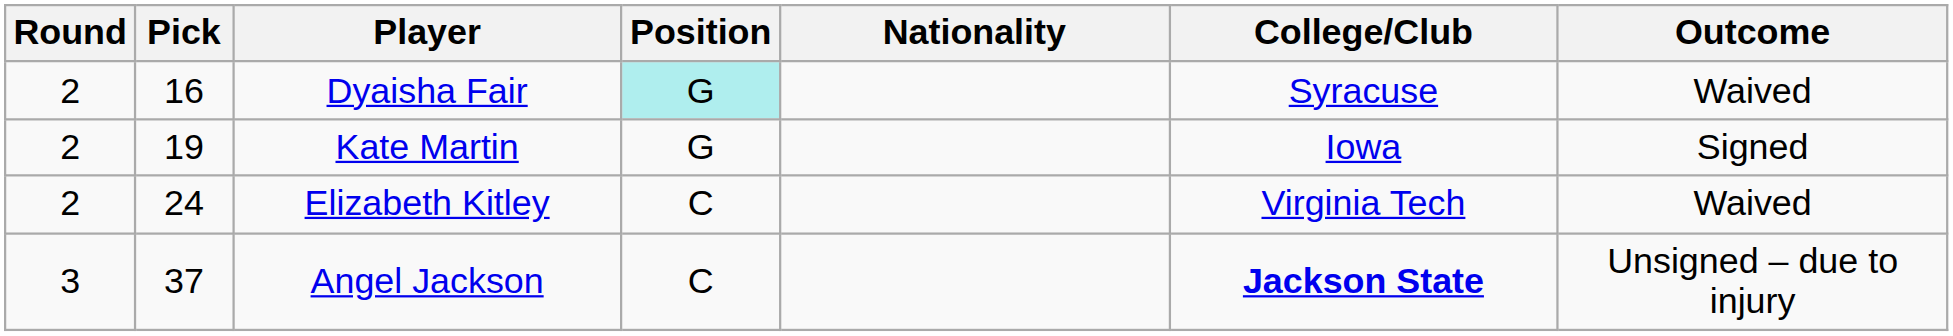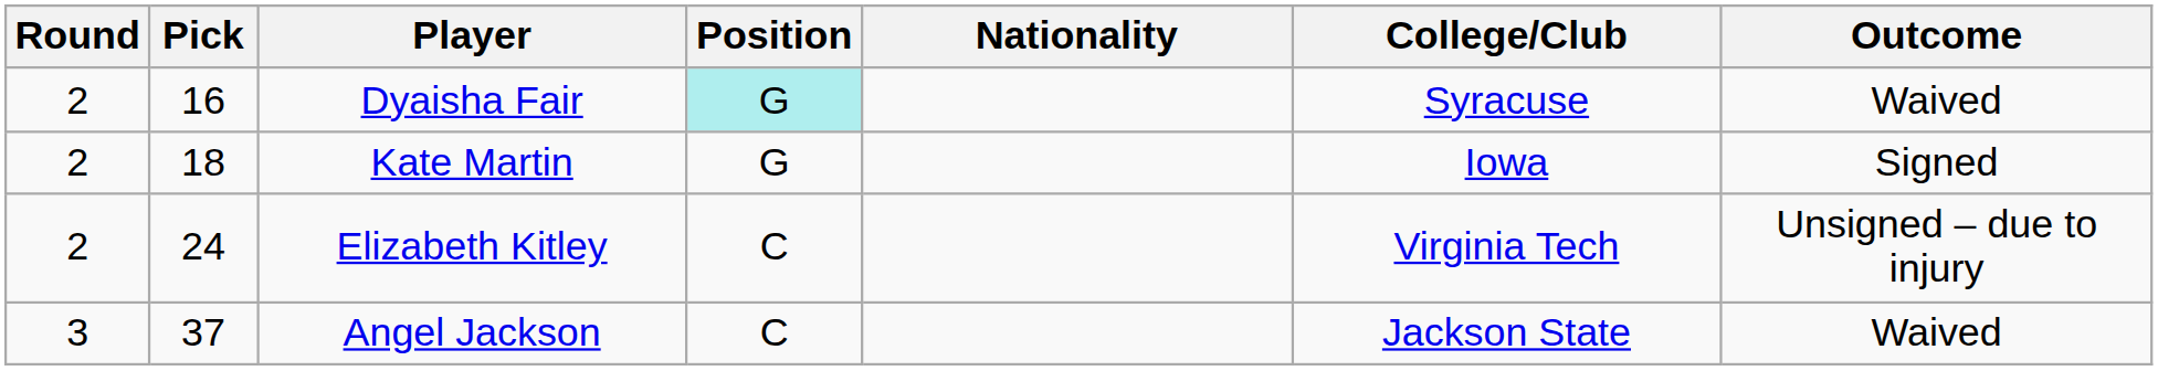 <table class="wikitable sortable sortable" style="text-align: center">
 <tr>
 <th width="5%">Round</th>
 <th width="5%">Pick</th>
 <th width="20%">Player</th>
 <th width="5%">Position</th>
 <th width="20%">Nationality</th>
 <th width="20%">College/Club</th>
 <th width="20%">Outcome</th>
 </tr>
 <tr>
 <td>2</td>
 <td>16</td>
 <td><a href='#'>Dyaisha Fair</a></td>
 <td style="background: paleturquoise;">G</td>
 <td></td>
 <td><a href='#'>Syracuse</a></td>
 <td>Waived</td>
 </tr>
 <tr>
 <td>2</td>
-<td>19</td>
+<td>18</td>
 <td><a href='#'>Kate Martin</a></td>
 <td>G</td>
 <td></td>
 <td><a href='#'>Iowa</a></td>
 <td>Signed</td>
 </tr>
 <tr>
 <td>2</td>
 <td>24</td>
 <td><a href='#'>Elizabeth Kitley</a></td>
 <td>C</td>
 <td></td>
 <td><a href='#'>Virginia Tech</a></td>
-<td>Waived</td>
+<td>Unsigned – due to injury</td>
 </tr>
 <tr>
 <td>3</td>
 <td>37</td>
 <td><a href='#'>Angel Jackson</a></td>
 <td>C</td>
 <td></td>
-<td><strong><a href='#'>Jackson State</a></strong></td>
-<td>Unsigned – due to injury</td>
+<td><a href='#'>Jackson State</a></td>
+<td>Waived</td>
 </tr>
 </table>
